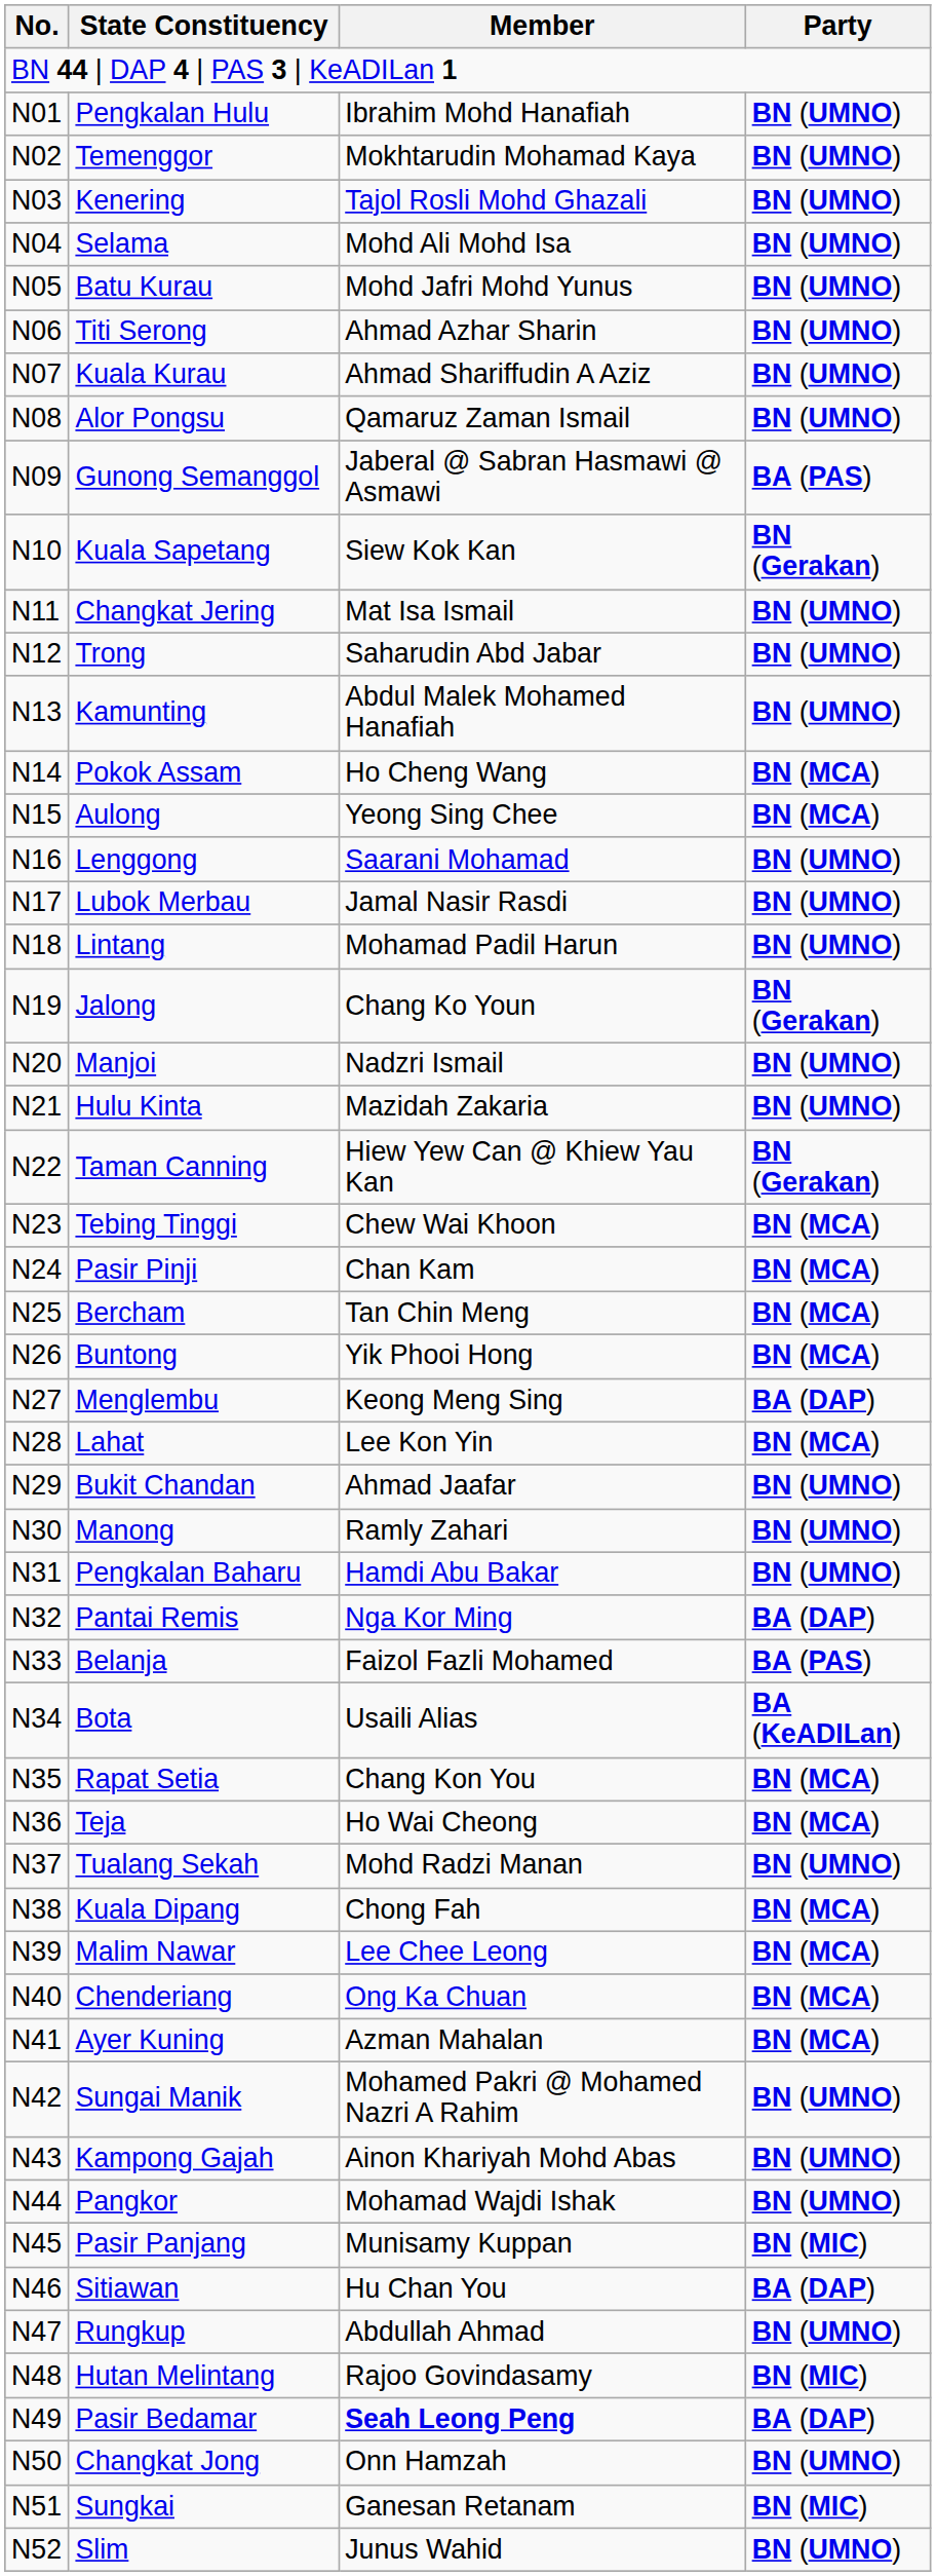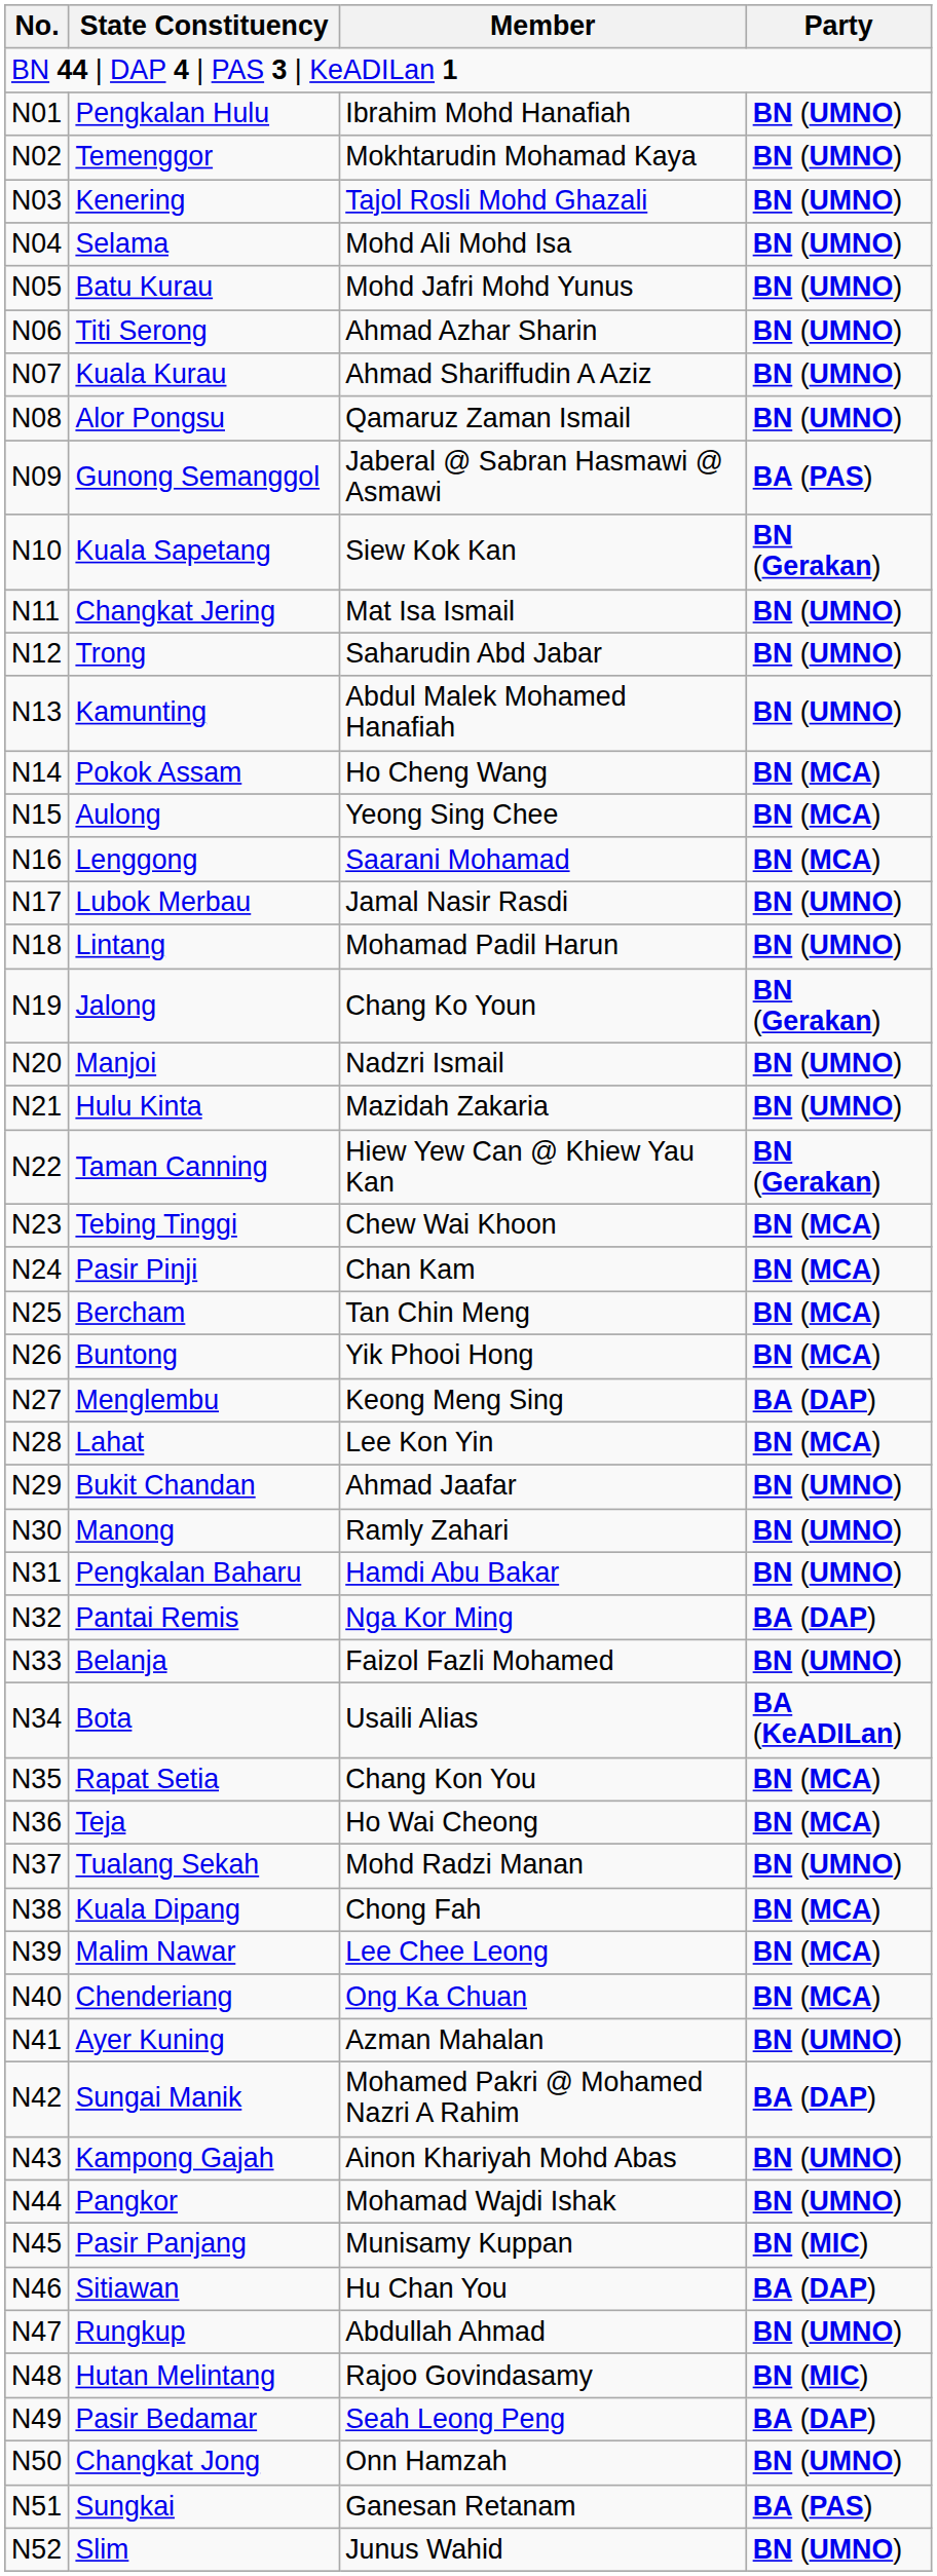 <table class="wikitable sortable">
 <tr>
 <th style="width:30px;">No.</th>
 <th style="width:150px;">State Constituency</th>
 <th style="width:230px;">Member</th>
 <th style="width:100px;">Party</th>
 </tr>
 <tr>
 <td colspan="4"><a href='#'>BN</a> <strong>44</strong> | <a href='#'>DAP</a> <strong>4</strong> | <a href='#'>PAS</a> <strong>3</strong> | <a href='#'>KeADILan</a> <strong>1</strong></td>
 </tr>
 <tr>
 <td>N01</td>
 <td><a href='#'>Pengkalan Hulu</a></td>
 <td>Ibrahim Mohd Hanafiah</td>
 <td><strong><a href='#'>BN</a></strong> (<strong><a href='#'>UMNO</a></strong>)</td>
 </tr>
 <tr>
 <td>N02</td>
 <td><a href='#'>Temenggor</a></td>
 <td>Mokhtarudin Mohamad Kaya</td>
 <td><strong><a href='#'>BN</a></strong> (<strong><a href='#'>UMNO</a></strong>)</td>
 </tr>
 <tr>
 <td>N03</td>
 <td><a href='#'>Kenering</a></td>
 <td><a href='#'>Tajol Rosli Mohd Ghazali</a></td>
 <td><strong><a href='#'>BN</a></strong> (<strong><a href='#'>UMNO</a></strong>)</td>
 </tr>
 <tr>
 <td>N04</td>
 <td><a href='#'>Selama</a></td>
 <td>Mohd Ali Mohd Isa</td>
 <td><strong><a href='#'>BN</a></strong> (<strong><a href='#'>UMNO</a></strong>)</td>
 </tr>
 <tr>
 <td>N05</td>
 <td><a href='#'>Batu Kurau</a></td>
 <td>Mohd Jafri Mohd Yunus</td>
 <td><strong><a href='#'>BN</a></strong> (<strong><a href='#'>UMNO</a></strong>)</td>
 </tr>
 <tr>
 <td>N06</td>
 <td><a href='#'>Titi Serong</a></td>
 <td>Ahmad Azhar Sharin</td>
 <td><strong><a href='#'>BN</a></strong> (<strong><a href='#'>UMNO</a></strong>)</td>
 </tr>
 <tr>
 <td>N07</td>
 <td><a href='#'>Kuala Kurau</a></td>
 <td>Ahmad Shariffudin A Aziz</td>
 <td><strong><a href='#'>BN</a></strong> (<strong><a href='#'>UMNO</a></strong>)</td>
 </tr>
 <tr>
 <td>N08</td>
 <td><a href='#'>Alor Pongsu</a></td>
 <td>Qamaruz Zaman Ismail</td>
 <td><strong><a href='#'>BN</a></strong> (<strong><a href='#'>UMNO</a></strong>)</td>
 </tr>
 <tr>
 <td>N09</td>
 <td><a href='#'>Gunong Semanggol</a></td>
 <td>Jaberal @ Sabran Hasmawi @ Asmawi</td>
 <td><strong><a href='#'>BA</a></strong> (<strong><a href='#'>PAS</a></strong>)</td>
 </tr>
 <tr>
 <td>N10</td>
 <td><a href='#'>Kuala Sapetang</a></td>
 <td>Siew Kok Kan</td>
 <td><strong><a href='#'>BN</a></strong> (<strong><a href='#'>Gerakan</a></strong>)</td>
 </tr>
 <tr>
 <td>N11</td>
 <td><a href='#'>Changkat Jering</a></td>
 <td>Mat Isa Ismail</td>
 <td><strong><a href='#'>BN</a></strong> (<strong><a href='#'>UMNO</a></strong>)</td>
 </tr>
 <tr>
 <td>N12</td>
 <td><a href='#'>Trong</a></td>
 <td>Saharudin Abd Jabar</td>
 <td><strong><a href='#'>BN</a></strong> (<strong><a href='#'>UMNO</a></strong>)</td>
 </tr>
 <tr>
 <td>N13</td>
 <td><a href='#'>Kamunting</a></td>
 <td>Abdul Malek Mohamed Hanafiah</td>
 <td><strong><a href='#'>BN</a></strong> (<strong><a href='#'>UMNO</a></strong>)</td>
 </tr>
 <tr>
 <td>N14</td>
 <td><a href='#'>Pokok Assam</a></td>
 <td>Ho Cheng Wang</td>
 <td><strong><a href='#'>BN</a></strong> (<strong><a href='#'>MCA</a></strong>)</td>
 </tr>
 <tr>
 <td>N15</td>
 <td><a href='#'>Aulong</a></td>
 <td>Yeong Sing Chee</td>
 <td><strong><a href='#'>BN</a></strong> (<strong><a href='#'>MCA</a></strong>)</td>
 </tr>
 <tr>
 <td>N16</td>
 <td><a href='#'>Lenggong</a></td>
 <td><a href='#'>Saarani Mohamad</a></td>
-<td><strong><a href='#'>BN</a></strong> (<strong><a href='#'>UMNO</a></strong>)</td>
+<td><strong><a href='#'>BN</a></strong> (<strong><a href='#'>MCA</a></strong>)</td>
 </tr>
 <tr>
 <td>N17</td>
 <td><a href='#'>Lubok Merbau</a></td>
 <td>Jamal Nasir Rasdi</td>
 <td><strong><a href='#'>BN</a></strong> (<strong><a href='#'>UMNO</a></strong>)</td>
 </tr>
 <tr>
 <td>N18</td>
 <td><a href='#'>Lintang</a></td>
 <td>Mohamad Padil Harun</td>
 <td><strong><a href='#'>BN</a></strong> (<strong><a href='#'>UMNO</a></strong>)</td>
 </tr>
 <tr>
 <td>N19</td>
 <td><a href='#'>Jalong</a></td>
 <td>Chang Ko Youn</td>
 <td><strong><a href='#'>BN</a></strong> (<strong><a href='#'>Gerakan</a></strong>)</td>
 </tr>
 <tr>
 <td>N20</td>
 <td><a href='#'>Manjoi</a></td>
 <td>Nadzri Ismail</td>
 <td><strong><a href='#'>BN</a></strong> (<strong><a href='#'>UMNO</a></strong>)</td>
 </tr>
 <tr>
 <td>N21</td>
 <td><a href='#'>Hulu Kinta</a></td>
 <td>Mazidah Zakaria</td>
 <td><strong><a href='#'>BN</a></strong> (<strong><a href='#'>UMNO</a></strong>)</td>
 </tr>
 <tr>
 <td>N22</td>
 <td><a href='#'>Taman Canning</a></td>
 <td>Hiew Yew Can @ Khiew Yau Kan</td>
 <td><strong><a href='#'>BN</a></strong> (<strong><a href='#'>Gerakan</a></strong>)</td>
 </tr>
 <tr>
 <td>N23</td>
 <td><a href='#'>Tebing Tinggi</a></td>
 <td>Chew Wai Khoon</td>
 <td><strong><a href='#'>BN</a></strong> (<strong><a href='#'>MCA</a></strong>)</td>
 </tr>
 <tr>
 <td>N24</td>
 <td><a href='#'>Pasir Pinji</a></td>
 <td>Chan Kam</td>
 <td><strong><a href='#'>BN</a></strong> (<strong><a href='#'>MCA</a></strong>)</td>
 </tr>
 <tr>
 <td>N25</td>
 <td><a href='#'>Bercham</a></td>
 <td>Tan Chin Meng</td>
 <td><strong><a href='#'>BN</a></strong> (<strong><a href='#'>MCA</a></strong>)</td>
 </tr>
 <tr>
 <td>N26</td>
 <td><a href='#'>Buntong</a></td>
 <td>Yik Phooi Hong</td>
 <td><strong><a href='#'>BN</a></strong> (<strong><a href='#'>MCA</a></strong>)</td>
 </tr>
 <tr>
 <td>N27</td>
 <td><a href='#'>Menglembu</a></td>
 <td>Keong Meng Sing</td>
 <td><strong><a href='#'>BA</a></strong> (<strong><a href='#'>DAP</a></strong>)</td>
 </tr>
 <tr>
 <td>N28</td>
 <td><a href='#'>Lahat</a></td>
 <td>Lee Kon Yin</td>
 <td><strong><a href='#'>BN</a></strong> (<strong><a href='#'>MCA</a></strong>)</td>
 </tr>
 <tr>
 <td>N29</td>
 <td><a href='#'>Bukit Chandan</a></td>
 <td>Ahmad Jaafar</td>
 <td><strong><a href='#'>BN</a></strong> (<strong><a href='#'>UMNO</a></strong>)</td>
 </tr>
 <tr>
 <td>N30</td>
 <td><a href='#'>Manong</a></td>
 <td>Ramly Zahari</td>
 <td><strong><a href='#'>BN</a></strong> (<strong><a href='#'>UMNO</a></strong>)</td>
 </tr>
 <tr>
 <td>N31</td>
 <td><a href='#'>Pengkalan Baharu</a></td>
 <td><a href='#'>Hamdi Abu Bakar</a></td>
 <td><strong><a href='#'>BN</a></strong> (<strong><a href='#'>UMNO</a></strong>)</td>
 </tr>
 <tr>
 <td>N32</td>
 <td><a href='#'>Pantai Remis</a></td>
 <td><a href='#'>Nga Kor Ming</a></td>
 <td><strong><a href='#'>BA</a></strong> (<strong><a href='#'>DAP</a></strong>)</td>
 </tr>
 <tr>
 <td>N33</td>
 <td><a href='#'>Belanja</a></td>
 <td>Faizol Fazli Mohamed</td>
-<td><strong><a href='#'>BA</a></strong> (<strong><a href='#'>PAS</a></strong>)</td>
+<td><strong><a href='#'>BN</a></strong> (<strong><a href='#'>UMNO</a></strong>)</td>
 </tr>
 <tr>
 <td>N34</td>
 <td><a href='#'>Bota</a></td>
 <td>Usaili Alias</td>
 <td><strong><a href='#'>BA</a></strong> (<strong><a href='#'>KeADILan</a></strong>)</td>
 </tr>
 <tr>
 <td>N35</td>
 <td><a href='#'>Rapat Setia</a></td>
 <td>Chang Kon You</td>
 <td><strong><a href='#'>BN</a></strong> (<strong><a href='#'>MCA</a></strong>)</td>
 </tr>
 <tr>
 <td>N36</td>
 <td><a href='#'>Teja</a></td>
 <td>Ho Wai Cheong</td>
 <td><strong><a href='#'>BN</a></strong> (<strong><a href='#'>MCA</a></strong>)</td>
 </tr>
 <tr>
 <td>N37</td>
 <td><a href='#'>Tualang Sekah</a></td>
 <td>Mohd Radzi Manan</td>
 <td><strong><a href='#'>BN</a></strong> (<strong><a href='#'>UMNO</a></strong>)</td>
 </tr>
 <tr>
 <td>N38</td>
 <td><a href='#'>Kuala Dipang</a></td>
 <td>Chong Fah</td>
 <td><strong><a href='#'>BN</a></strong> (<strong><a href='#'>MCA</a></strong>)</td>
 </tr>
 <tr>
 <td>N39</td>
 <td><a href='#'>Malim Nawar</a></td>
 <td><a href='#'>Lee Chee Leong</a></td>
 <td><strong><a href='#'>BN</a></strong> (<strong><a href='#'>MCA</a></strong>)</td>
 </tr>
 <tr>
 <td>N40</td>
 <td><a href='#'>Chenderiang</a></td>
 <td><a href='#'>Ong Ka Chuan</a></td>
 <td><strong><a href='#'>BN</a></strong> (<strong><a href='#'>MCA</a></strong>)</td>
 </tr>
 <tr>
 <td>N41</td>
 <td><a href='#'>Ayer Kuning</a></td>
 <td>Azman Mahalan</td>
-<td><strong><a href='#'>BN</a></strong> (<strong><a href='#'>MCA</a></strong>)</td>
+<td><strong><a href='#'>BN</a></strong> (<strong><a href='#'>UMNO</a></strong>)</td>
 </tr>
 <tr>
 <td>N42</td>
 <td><a href='#'>Sungai Manik</a></td>
 <td>Mohamed Pakri @ Mohamed Nazri A Rahim</td>
-<td><strong><a href='#'>BN</a></strong> (<strong><a href='#'>UMNO</a></strong>)</td>
+<td><strong><a href='#'>BA</a></strong> (<strong><a href='#'>DAP</a></strong>)</td>
 </tr>
 <tr>
 <td>N43</td>
 <td><a href='#'>Kampong Gajah</a></td>
 <td>Ainon Khariyah Mohd Abas</td>
 <td><strong><a href='#'>BN</a></strong> (<strong><a href='#'>UMNO</a></strong>)</td>
 </tr>
 <tr>
 <td>N44</td>
 <td><a href='#'>Pangkor</a></td>
 <td>Mohamad Wajdi Ishak</td>
 <td><strong><a href='#'>BN</a></strong> (<strong><a href='#'>UMNO</a></strong>)</td>
 </tr>
 <tr>
 <td>N45</td>
 <td><a href='#'>Pasir Panjang</a></td>
 <td>Munisamy Kuppan</td>
 <td><strong><a href='#'>BN</a></strong> (<strong><a href='#'>MIC</a></strong>)</td>
 </tr>
 <tr>
 <td>N46</td>
 <td><a href='#'>Sitiawan</a></td>
 <td>Hu Chan You</td>
 <td><strong><a href='#'>BA</a></strong> (<strong><a href='#'>DAP</a></strong>)</td>
 </tr>
 <tr>
 <td>N47</td>
 <td><a href='#'>Rungkup</a></td>
 <td>Abdullah Ahmad</td>
 <td><strong><a href='#'>BN</a></strong> (<strong><a href='#'>UMNO</a></strong>)</td>
 </tr>
 <tr>
 <td>N48</td>
 <td><a href='#'>Hutan Melintang</a></td>
 <td>Rajoo Govindasamy</td>
 <td><strong><a href='#'>BN</a></strong> (<strong><a href='#'>MIC</a></strong>)</td>
 </tr>
 <tr>
 <td>N49</td>
 <td><a href='#'>Pasir Bedamar</a></td>
-<td><strong><a href='#'>Seah Leong Peng</a></strong></td>
+<td><a href='#'>Seah Leong Peng</a></td>
 <td><strong><a href='#'>BA</a></strong> (<strong><a href='#'>DAP</a></strong>)</td>
 </tr>
 <tr>
 <td>N50</td>
 <td><a href='#'>Changkat Jong</a></td>
 <td>Onn Hamzah</td>
 <td><strong><a href='#'>BN</a></strong> (<strong><a href='#'>UMNO</a></strong>)</td>
 </tr>
 <tr>
 <td>N51</td>
 <td><a href='#'>Sungkai</a></td>
 <td>Ganesan Retanam</td>
-<td><strong><a href='#'>BN</a></strong> (<strong><a href='#'>MIC</a></strong>)</td>
+<td><strong><a href='#'>BA</a></strong> (<strong><a href='#'>PAS</a></strong>)</td>
 </tr>
 <tr>
 <td>N52</td>
 <td><a href='#'>Slim</a></td>
 <td>Junus Wahid</td>
 <td><strong><a href='#'>BN</a></strong> (<strong><a href='#'>UMNO</a></strong>)</td>
 </tr>
 </table>
